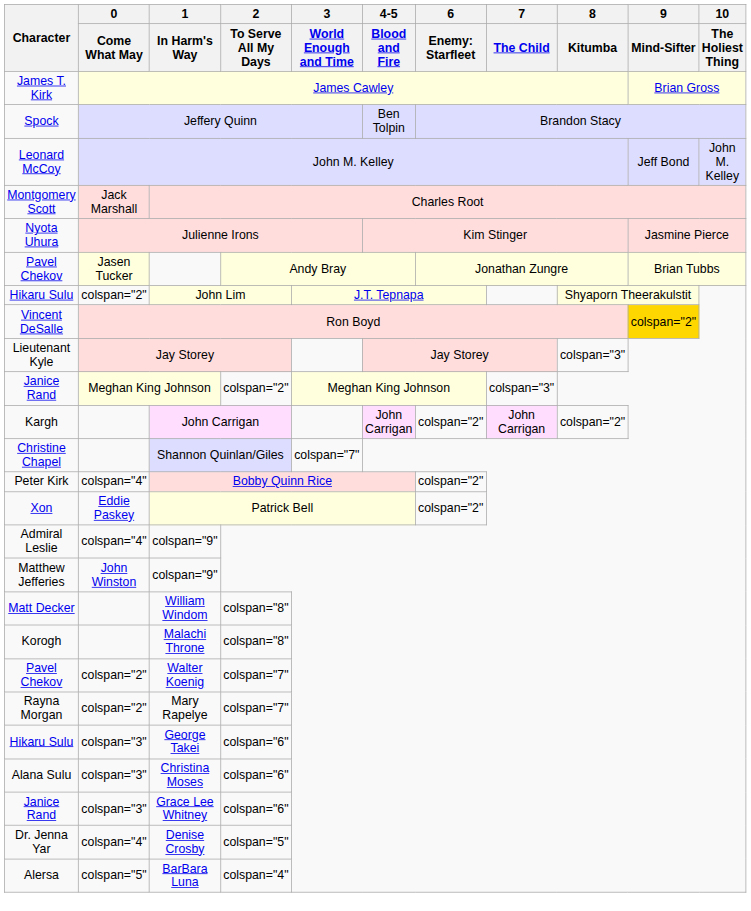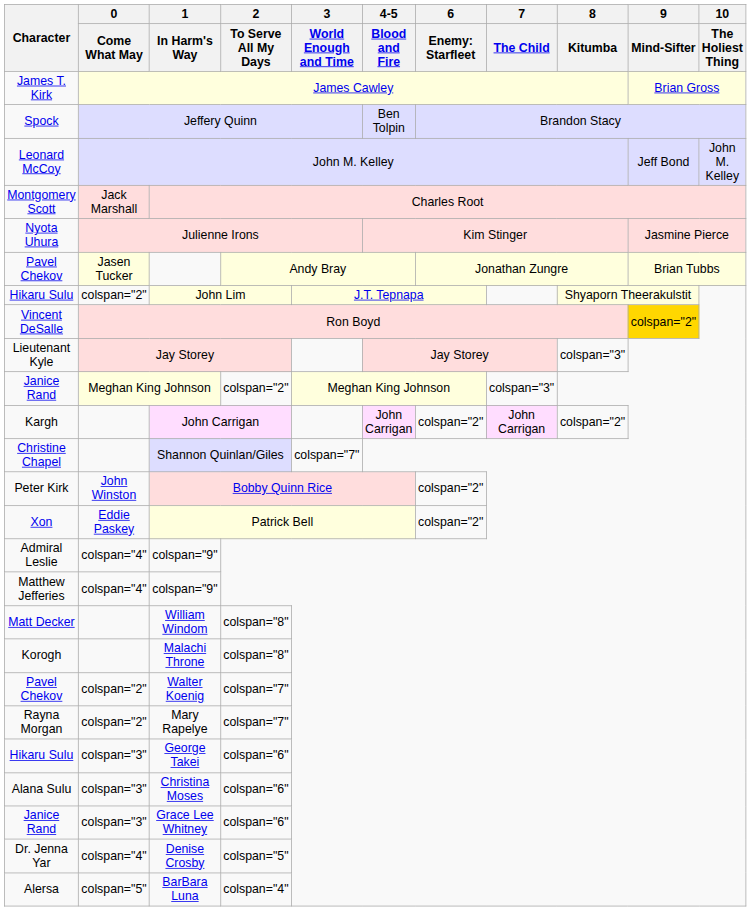 <table class="wikitable plainrowheaders" style="text-align:center; width:100%">
 <tr>
 <th scope="col" rowspan="2" style="width:5%;">Character</th>
 <th width="5%" scope="col">0</th>
 <th width="5%" scope="col">1</th>
 <th width="5%" scope="col">2</th>
 <th width="5%" scope="col">3</th>
 <th width="5%" scope="col">4-5</th>
 <th width="5%" scope="col">6</th>
 <th width="5%" scope="col">7</th>
 <th width="5%" scope="col">8</th>
 <th width="5%" scope="col">9</th>
 <th width="5%" scope="col">10</th>
 </tr>
 <tr>
 <th width="5%" scope="col">Come What May</th>
 <th width="5%" scope="col">In Harm's Way</th>
 <th width="5%" scope="col">To Serve All My Days</th>
 <th width="5%" scope="col"><a href='#'>World Enough and Time</a></th>
 <th width="5%" scope="col"><a href='#'>Blood and Fire</a></th>
 <th width="5%" scope="col">Enemy: Starfleet</th>
 <th width="5%" scope="col"><a href='#'>The Child</a></th>
 <th width="5%" scope="col">Kitumba</th>
 <th width="5%" scope="col">Mind-Sifter</th>
 <th width="5%" scope="col">The Holiest Thing</th>
 </tr>
 <tr>
 <td><a href='#'>James T. Kirk</a></td>
 <td colspan="8" style="background-color:#ffffdd;"><a href='#'>James Cawley</a></td>
 <td colspan="2" style="background-color:#ffffdd;"><a href='#'>Brian Gross</a></td>
 </tr>
 <tr>
 <td><a href='#'>Spock</a></td>
 <td colspan="4" style="background-color:#ddddff;">Jeffery Quinn</td>
 <td style="background-color:#ddddff;">Ben Tolpin</td>
 <td colspan="5" style="background-color:#ddddff;">Brandon Stacy</td>
 </tr>
 <tr>
 <td><a href='#'>Leonard McCoy</a></td>
 <td colspan="8" style="background-color:#ddddff;">John M. Kelley</td>
 <td style="background-color:#ddddff;">Jeff Bond</td>
 <td style="background-color:#ddddff;">John M. Kelley</td>
 </tr>
 <tr>
 <td><a href='#'>Montgomery Scott</a></td>
 <td style="background-color:#ffdddd;">Jack Marshall</td>
 <td colspan="9" style="background-color:#ffdddd;">Charles Root</td>
 </tr>
 <tr>
 <td><a href='#'>Nyota Uhura</a></td>
 <td colspan="4" style="background-color:#ffdddd;">Julienne Irons</td>
 <td colspan="4" style="background-color:#ffdddd;">Kim Stinger</td>
 <td colspan="2" style="background-color:#ffdddd;">Jasmine Pierce</td>
 </tr>
 <tr>
 <td><a href='#'>Pavel Chekov</a></td>
 <td style="background-color:#ffffdd;">Jasen Tucker</td>
 <td></td>
 <td colspan="3" style="background-color:#ffffdd;">Andy Bray</td>
 <td colspan="3" style="background-color:#ffffdd;">Jonathan Zungre</td>
 <td colspan="2" style="background-color:#ffffdd;">Brian Tubbs</td>
 </tr>
 <tr>
 <td><a href='#'>Hikaru Sulu</a></td>
 <td>colspan="2" </td>
 <td colspan="2" style="background-color:#ffffdd;">John Lim</td>
 <td colspan="3" style="background-color:#ffffdd;"><a href='#'>J.T. Tepnapa</a></td>
 <td></td>
 <td colspan="2" style="background-color:#ffffdd;">Shyaporn Theerakulstit</td>
 </tr>
 <tr>
 <td><a href='#'>Vincent DeSalle</a></td>
 <td colspan="8" style="background-color:#ffdddd;">Ron Boyd</td>
 <td style="background: gold;">colspan="2" </td>
 </tr>
 <tr>
 <td>Lieutenant Kyle</td>
 <td colspan="3" style="background-color:#ffdddd;">Jay Storey</td>
 <td></td>
 <td colspan="3" style="background-color:#ffdddd;">Jay Storey</td>
 <td>colspan="3" </td>
 </tr>
 <tr>
 <td><a href='#'>Janice Rand</a></td>
 <td colspan="2" style="background-color:#ffffdd;">Meghan King Johnson</td>
 <td>colspan="2" </td>
 <td colspan="3" style="background-color:#ffffdd;">Meghan King Johnson</td>
 <td>colspan="3" </td>
 </tr>
 <tr>
 <td>Kargh</td>
 <td></td>
 <td colspan="2" style="background-color:#ffddff;">John Carrigan</td>
 <td></td>
 <td style="background-color:#ffddff;">John Carrigan</td>
 <td>colspan="2" </td>
 <td style="background-color:#ffddff;">John Carrigan</td>
 <td>colspan="2" </td>
 </tr>
 <tr>
 <td><a href='#'>Christine Chapel</a></td>
 <td></td>
 <td colspan="2" style="background-color:#ddddff;">Shannon Quinlan/Giles</td>
 <td>colspan="7" </td>
 </tr>
 <tr>
 <td>Peter Kirk</td>
-<td>colspan="4" </td>
+<td><a href='#'>John Winston</a></td>
 <td colspan="4" style="background-color:#ffdddd;"><a href='#'>Bobby Quinn Rice</a></td>
 <td>colspan="2" </td>
 </tr>
 <tr>
 <td><a href='#'>Xon</a></td>
 <td><a href='#'>Eddie Paskey</a></td>
 <td colspan="4" style="background-color:#ffffdd;">Patrick Bell</td>
 <td>colspan="2" </td>
 </tr>
 <tr>
 <td>Admiral Leslie</td>
 <td>colspan="4" </td>
 <td>colspan="9" </td>
 </tr>
 <tr>
 <td>Matthew Jefferies</td>
-<td><a href='#'>John Winston</a></td>
+<td>colspan="4" </td>
 <td>colspan="9" </td>
 </tr>
 <tr>
 <td><a href='#'>Matt Decker</a></td>
 <td></td>
 <td><a href='#'>William Windom</a></td>
 <td>colspan="8" </td>
 </tr>
 <tr>
 <td>Korogh</td>
 <td></td>
 <td><a href='#'>Malachi Throne</a></td>
 <td>colspan="8" </td>
 </tr>
 <tr>
 <td><a href='#'>Pavel Chekov</a></td>
 <td>colspan="2" </td>
 <td><a href='#'>Walter Koenig</a></td>
 <td>colspan="7" </td>
 </tr>
 <tr>
 <td>Rayna Morgan</td>
 <td>colspan="2" </td>
 <td>Mary Rapelye</td>
 <td>colspan="7" </td>
 </tr>
 <tr>
 <td><a href='#'>Hikaru Sulu</a></td>
 <td>colspan="3" </td>
 <td><a href='#'>George Takei</a></td>
 <td>colspan="6" </td>
 </tr>
 <tr>
 <td>Alana Sulu</td>
 <td>colspan="3" </td>
 <td><a href='#'>Christina Moses</a></td>
 <td>colspan="6" </td>
 </tr>
 <tr>
 <td><a href='#'>Janice Rand</a></td>
 <td>colspan="3" </td>
 <td><a href='#'>Grace Lee Whitney</a></td>
 <td>colspan="6" </td>
 </tr>
 <tr>
 <td>Dr. Jenna Yar</td>
 <td>colspan="4" </td>
 <td><a href='#'>Denise Crosby</a></td>
 <td>colspan="5" </td>
 </tr>
 <tr>
 <td>Alersa</td>
 <td>colspan="5" </td>
 <td><a href='#'>BarBara Luna</a></td>
 <td>colspan="4" </td>
 </tr>
 </table>
